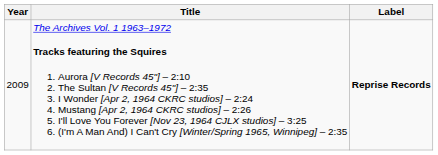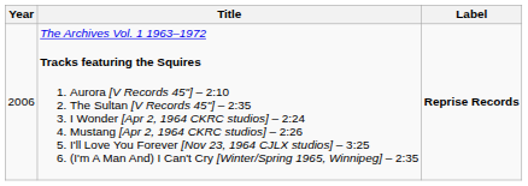 <table class="wikitable">
 <tr>
 <th>Year</th>
 <th>Title</th>
 <th>Label</th>
 </tr>
 <tr>
-<td>2009</td>
+<td>2006</td>
 <td><em><a href='#'>The Archives Vol. 1 1963–1972</a></em><br><h4>Tracks featuring the Squires</h4><ol><li>Aurora <em>[V Records 45"]</em> – 2:10</li><li>The Sultan <em>[V Records 45"]</em> – 2:35</li><li>I Wonder <em>[Apr 2, 1964 CKRC studios]</em> – 2:24</li><li>Mustang <em>[Apr 2, 1964 CKRC studios]</em> – 2:26</li><li>I'll Love You Forever <em>[Nov 23, 1964 CJLX studios]</em> – 3:25</li><li>(I'm A Man And) I Can't Cry <em>[Winter/Spring 1965, Winnipeg]</em> – 2:35</li></ol></td>
 <td><strong>Reprise Records</strong></td>
 </tr>
 </table>
